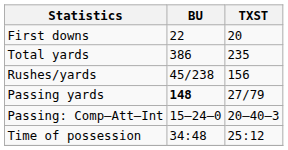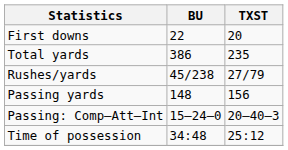 <table class="wikitable" style="float: left;">
 <tr>
 <th>Statistics</th>
 <th>BU</th>
 <th>TXST</th>
 </tr>
 <tr>
 <td>First downs</td>
 <td>22</td>
 <td>20</td>
 </tr>
 <tr>
 <td>Total yards</td>
 <td>386</td>
 <td>235</td>
 </tr>
 <tr>
 <td>Rushes/yards</td>
 <td>45/238</td>
-<td>156</td>
+<td>27/79</td>
 </tr>
 <tr>
 <td>Passing yards</td>
-<td><strong>148</strong></td>
-<td>27/79</td>
+<td>148</td>
+<td>156</td>
 </tr>
 <tr>
 <td>Passing: Comp–Att–Int</td>
 <td>15–24–0</td>
 <td>20–40–3</td>
 </tr>
 <tr>
 <td>Time of possession</td>
 <td>34:48</td>
 <td>25:12</td>
 </tr>
 <tr>
 </tr>
 </table>
